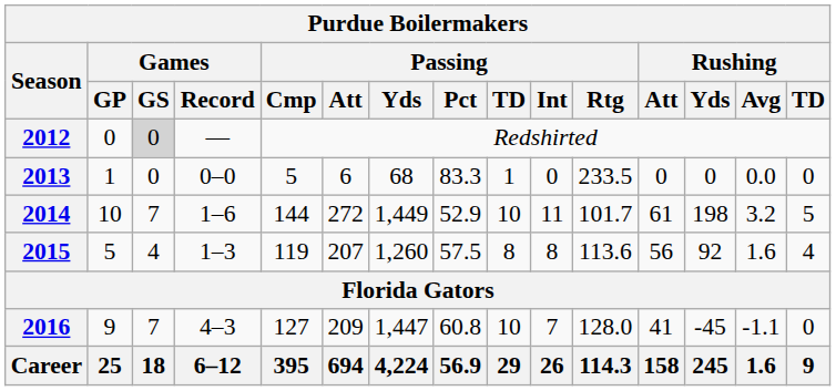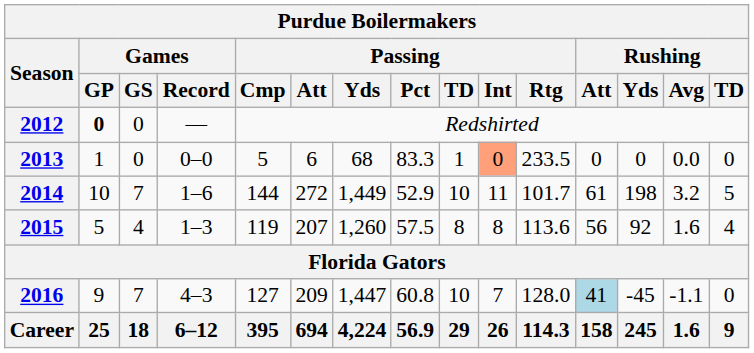 <table class=wikitable style="text-align:center;">
 <tr>
 <th colspan="15">Purdue Boilermakers</th>
 </tr>
 <tr>
 <th rowspan="2">Season</th>
 <th colspan="3">Games</th>
 <th colspan="7">Passing</th>
 <th colspan="4">Rushing</th>
 </tr>
 <tr>
 <th>GP</th>
 <th>GS</th>
 <th>Record</th>
 <th>Cmp</th>
 <th>Att</th>
 <th>Yds</th>
 <th>Pct</th>
 <th>TD</th>
 <th>Int</th>
 <th>Rtg</th>
 <th>Att</th>
 <th>Yds</th>
 <th>Avg</th>
 <th>TD</th>
 </tr>
 <tr>
 <th><a href='#'>2012</a></th>
+<td><strong>0</strong></td>
 <td>0</td>
-<td style="background: lightgrey;">0</td>
 <td>—</td>
 <td colspan="11"><em>Redshirted</em></td>
 </tr>
 <tr>
 <th><a href='#'>2013</a></th>
 <td>1</td>
 <td>0</td>
 <td>0–0</td>
 <td>5</td>
 <td>6</td>
 <td>68</td>
 <td>83.3</td>
 <td>1</td>
-<td>0</td>
+<td style="background: lightsalmon;">0</td>
 <td>233.5</td>
 <td>0</td>
 <td>0</td>
 <td>0.0</td>
 <td>0</td>
 </tr>
 <tr>
 <th><a href='#'>2014</a></th>
 <td>10</td>
 <td>7</td>
 <td>1–6</td>
 <td>144</td>
 <td>272</td>
 <td>1,449</td>
 <td>52.9</td>
 <td>10</td>
 <td>11</td>
 <td>101.7</td>
 <td>61</td>
 <td>198</td>
 <td>3.2</td>
 <td>5</td>
 </tr>
 <tr>
 <th><a href='#'>2015</a></th>
 <td>5</td>
 <td>4</td>
 <td>1–3</td>
 <td>119</td>
 <td>207</td>
 <td>1,260</td>
 <td>57.5</td>
 <td>8</td>
 <td>8</td>
 <td>113.6</td>
 <td>56</td>
 <td>92</td>
 <td>1.6</td>
 <td>4</td>
 </tr>
 <tr>
 <th colspan="15">Florida Gators</th>
 </tr>
 <tr>
 <th><a href='#'>2016</a></th>
 <td>9</td>
 <td>7</td>
 <td>4–3</td>
 <td>127</td>
 <td>209</td>
 <td>1,447</td>
 <td>60.8</td>
 <td>10</td>
 <td>7</td>
 <td>128.0</td>
-<td>41</td>
+<td style="background: lightblue;">41</td>
 <td>-45</td>
 <td>-1.1</td>
 <td>0</td>
 </tr>
 <tr>
 <th>Career</th>
 <th>25</th>
 <th>18</th>
 <th>6–12</th>
 <th>395</th>
 <th>694</th>
 <th>4,224</th>
 <th>56.9</th>
 <th>29</th>
 <th>26</th>
 <th>114.3</th>
 <th>158</th>
 <th>245</th>
 <th>1.6</th>
 <th>9</th>
 </tr>
 </table>
